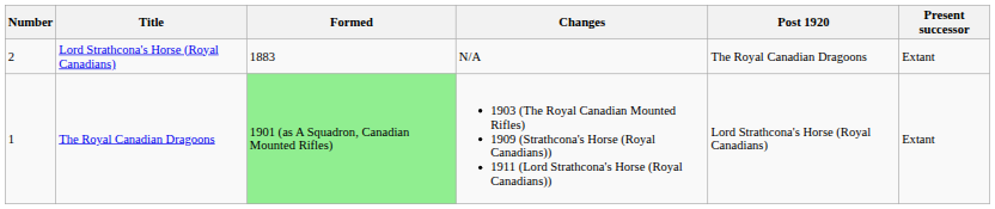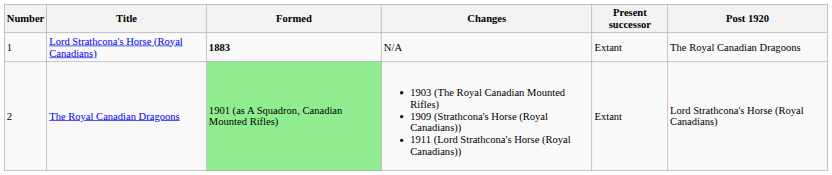 <table class="wikitable">
 <tr>
 <th scope=col>Number</th>
 <th scope=col>Title</th>
 <th scope=col>Formed</th>
 <th scope=col>Changes</th>
+<th scope=col>Present successor</th>
 <th scope=col>Post 1920</th>
-<th scope=col>Present successor</th>
+</tr>
+<tr>
+<td>1</td>
+<td><a href='#'>Lord Strathcona's Horse (Royal Canadians)</a></td>
+<td><strong>1883</strong></td>
+<td>N/A</td>
+<td>Extant</td>
+<td>The Royal Canadian Dragoons</td>
 </tr>
 <tr>
 <td>2</td>
-<td><a href='#'>Lord Strathcona's Horse (Royal Canadians)</a></td>
-<td>1883</td>
-<td>N/A</td>
-<td>The Royal Canadian Dragoons</td>
-<td>Extant</td>
-</tr>
-<tr>
-<td>1</td>
 <td><a href='#'>The Royal Canadian Dragoons</a></td>
 <td style="background: lightgreen;">1901 (as A Squadron, Canadian Mounted Rifles)</td>
 <td><br><ul><li>1903 (The Royal Canadian Mounted Rifles)</li><li>1909 (Strathcona's Horse (Royal Canadians))</li><li>1911 (Lord Strathcona's Horse (Royal Canadians))</li></ul></td>
+<td>Extant</td>
 <td>Lord Strathcona's Horse (Royal Canadians)</td>
-<td>Extant</td>
 </tr>
 </table>
